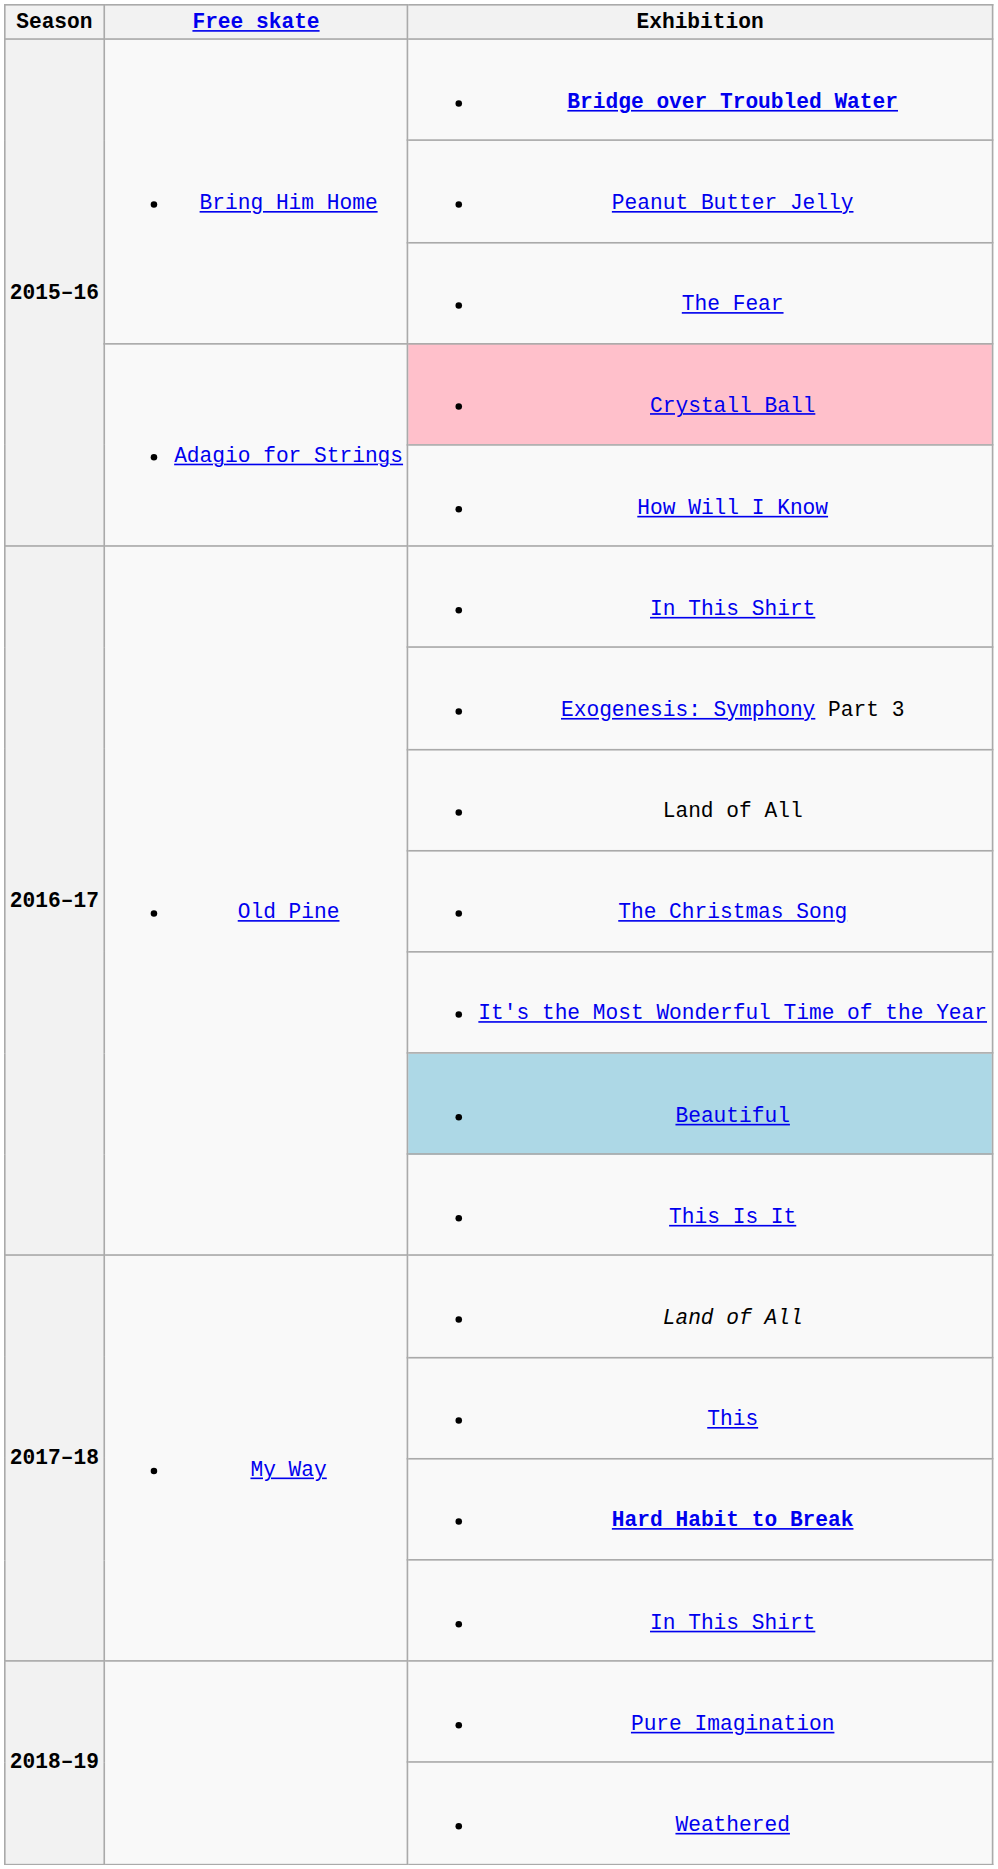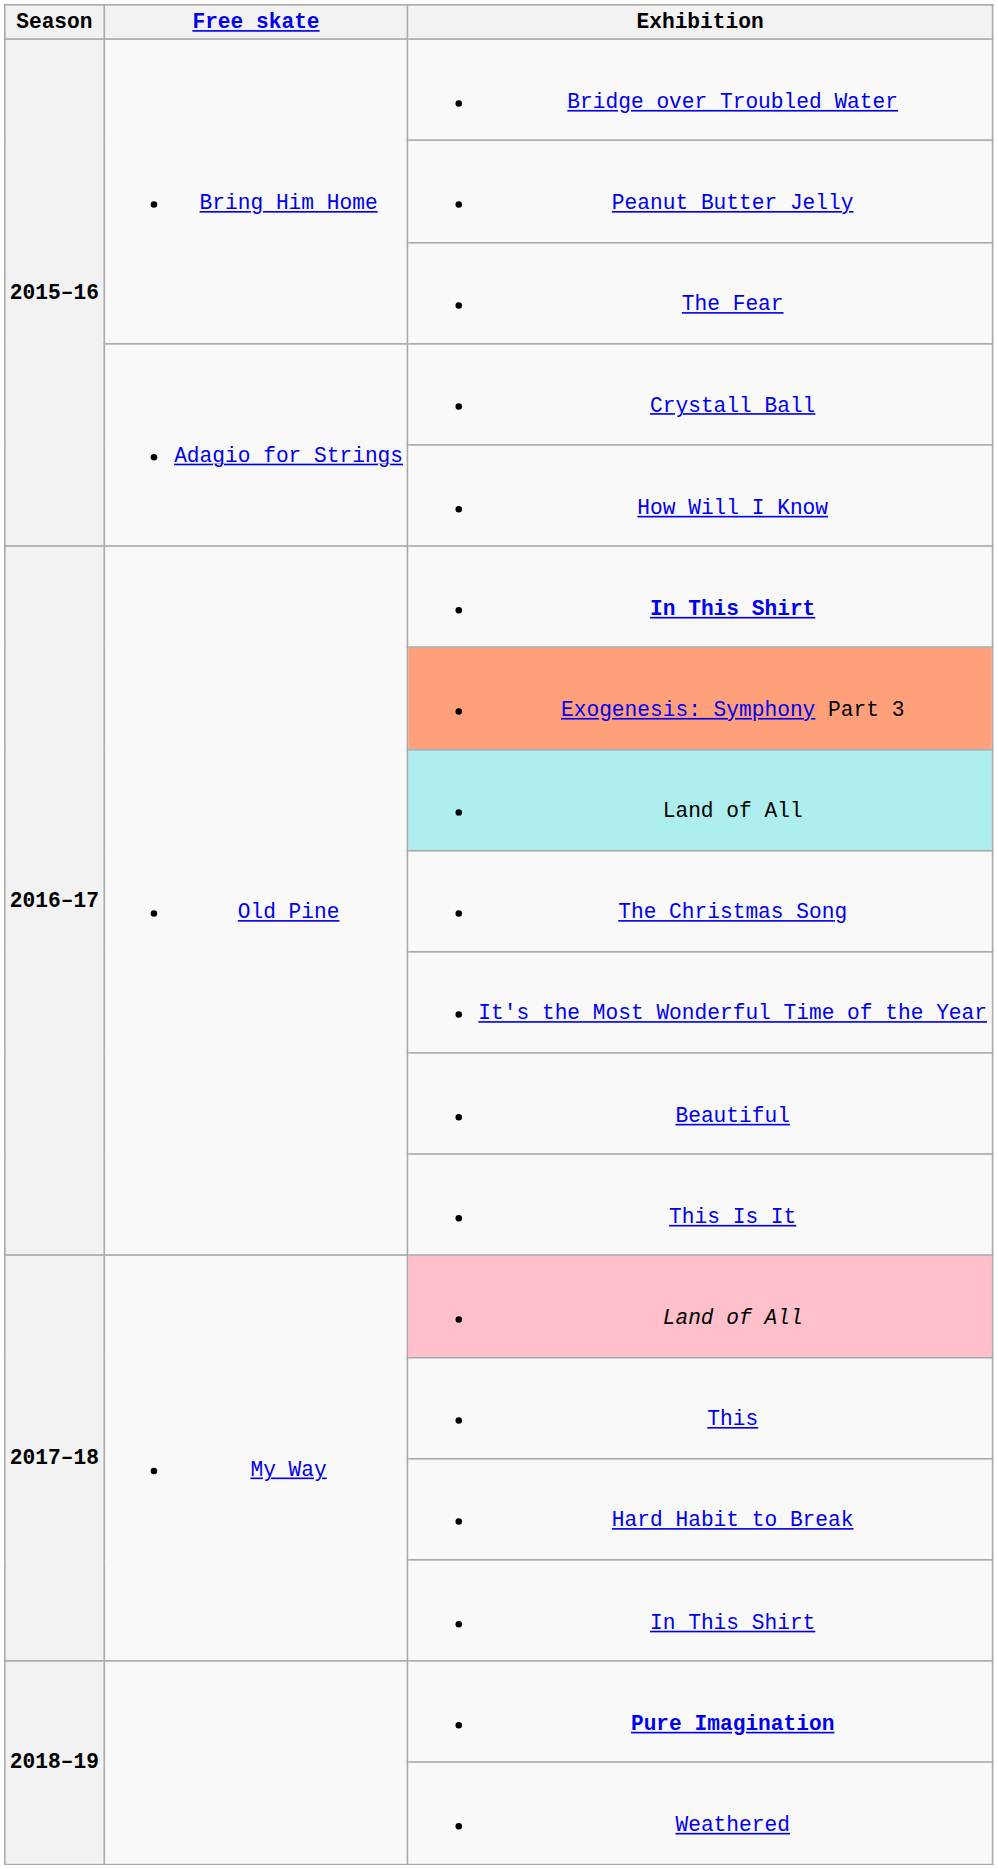 <table class="wikitable" style="text-align:center">
 <tr>
 <th>Season</th>
 <th><a href='#'>Free skate</a></th>
 <th>Exhibition</th>
 </tr>
 <tr>
 <th scope="row" rowspan="5">2015–16<br></th>
 <td rowspan="3"><br><ul><li><a href='#'>Bring Him Home</a><br></li></ul></td>
-<td><strong><br><ul><li><a href='#'>Bridge over Troubled Water</a><br></li></ul></strong></td>
+<td><br><ul><li><a href='#'>Bridge over Troubled Water</a><br></li></ul></td>
 </tr>
 <tr>
 <td><br><ul><li><a href='#'>Peanut Butter Jelly</a><br></li></ul></td>
 </tr>
 <tr>
 <td><br><ul><li><a href='#'>The Fear</a><br></li></ul></td>
 </tr>
 <tr>
 <td rowspan="2"><br><ul><li><a href='#'>Adagio for Strings</a><br></li></ul></td>
-<td style="background: pink;"><br><ul><li><a href='#'>Crystall Ball</a><br></li></ul></td>
+<td><br><ul><li><a href='#'>Crystall Ball</a><br></li></ul></td>
 </tr>
 <tr>
 <td><br><ul><li><a href='#'>How Will I Know</a><br></li></ul></td>
 </tr>
 <tr>
 <th scope="row" rowspan="7">2016–17<br></th>
 <td rowspan="7"><br><ul><li><a href='#'>Old Pine</a><br></li></ul></td>
-<td><br><ul><li><a href='#'>In This Shirt</a><br></li></ul></td>
+<td><strong><br><ul><li><a href='#'>In This Shirt</a><br></li></ul></strong></td>
 </tr>
 <tr>
-<td><br><ul><li><a href='#'>Exogenesis: Symphony</a> Part 3<br></li></ul></td>
+<td style="background: lightsalmon;"><br><ul><li><a href='#'>Exogenesis: Symphony</a> Part 3<br></li></ul></td>
 </tr>
 <tr>
-<td><br><ul><li>Land of All <br></li></ul></td>
+<td style="background: paleturquoise;"><br><ul><li>Land of All <br></li></ul></td>
 </tr>
 <tr>
 <td><br><ul><li><a href='#'>The Christmas Song</a><br></li></ul></td>
 </tr>
 <tr>
 <td><br><ul><li><a href='#'>It's the Most Wonderful Time of the Year</a><br></li></ul></td>
 </tr>
 <tr>
-<td style="background: lightblue;"><br><ul><li><a href='#'>Beautiful</a><br></li></ul></td>
+<td><br><ul><li><a href='#'>Beautiful</a><br></li></ul></td>
 </tr>
 <tr>
 <td><br><ul><li><a href='#'>This Is It</a><br></li></ul></td>
 </tr>
 <tr>
 <th scope="row" rowspan="4">2017–18<br></th>
 <td rowspan="4"><br><ul><li><a href='#'>My Way</a><br></li></ul></td>
-<td><br><ul><li><em>Land of All</em></li></ul></td>
+<td style="background: pink;"><br><ul><li><em>Land of All</em></li></ul></td>
 </tr>
 <tr>
 <td><br><ul><li><a href='#'>This</a><br></li></ul></td>
 </tr>
 <tr>
-<td><strong><br><ul><li><a href='#'>Hard Habit to Break</a><br></li></ul></strong></td>
+<td><br><ul><li><a href='#'>Hard Habit to Break</a><br></li></ul></td>
 </tr>
 <tr>
 <td><br><ul><li><a href='#'>In This Shirt</a><br></li></ul></td>
 </tr>
 <tr>
 <th scope="row" rowspan="2">2018–19 <br> </th>
 <td rowspan="2"></td>
-<td><br><ul><li><a href='#'>Pure Imagination</a><br></li></ul></td>
+<td><strong><br><ul><li><a href='#'>Pure Imagination</a><br></li></ul></strong></td>
 </tr>
 <tr>
 <td><br><ul><li><a href='#'>Weathered</a><br></li></ul></td>
 </tr>
 </table>
